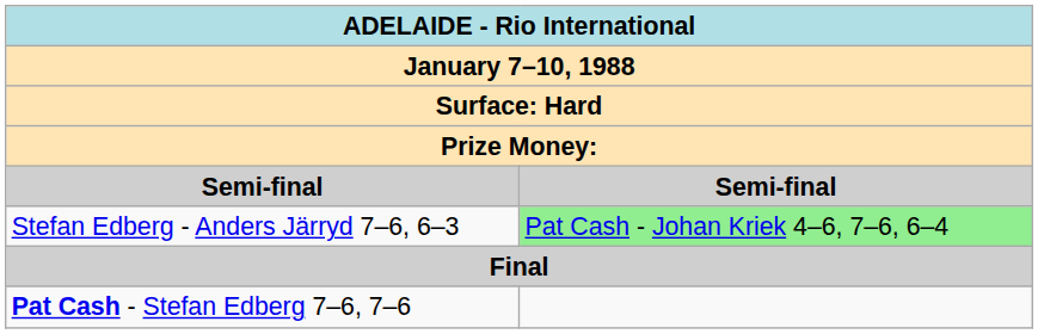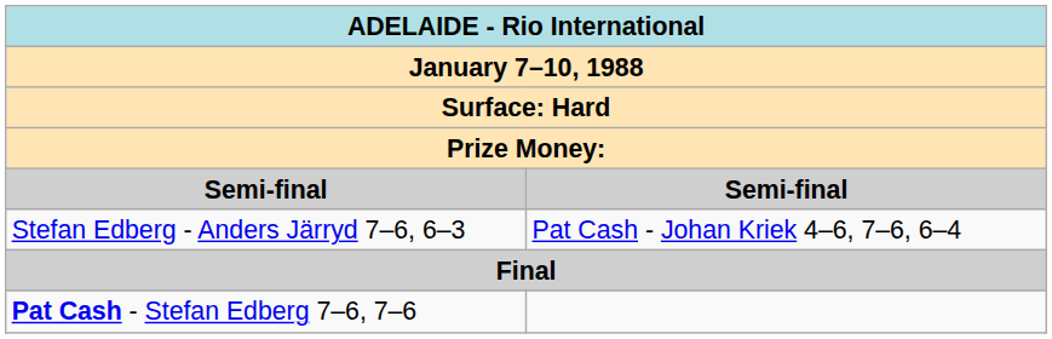 <table class="wikitable" style="font-size:95%;">
 <tr>
 <th colspan="2" style="background:#B0E0E6" width="300">ADELAIDE - Rio International</th>
 </tr>
 <tr>
 <th colspan="2" style="background:#FFE5B4" width="300">January 7–10, 1988</th>
 </tr>
 <tr>
 <th colspan="2" style="background:#FFE5B4" width="300">Surface: Hard</th>
 </tr>
 <tr>
 <th colspan="2" style="background:#FFE5B4" width="300">Prize Money:</th>
 </tr>
 <tr>
 <th colspan="1" style="background:#cfcfcf" width="300">Semi-final</th>
 <th colspan="1" style="background:#cfcfcf" width="300">Semi-final</th>
 </tr>
 <tr>
 <td><a href='#'>Stefan Edberg</a> - <a href='#'>Anders Järryd</a> 7–6, 6–3</td>
-<td style="background: lightgreen;"><a href='#'>Pat Cash</a> - <a href='#'>Johan Kriek</a> 4–6, 7–6, 6–4</td>
+<td><a href='#'>Pat Cash</a> - <a href='#'>Johan Kriek</a> 4–6, 7–6, 6–4</td>
 </tr>
 <tr>
 <th colspan="2" style="background:#cfcfcf" width="300">Final</th>
 </tr>
 <tr>
 <td><strong><a href='#'>Pat Cash</a></strong> - <a href='#'>Stefan Edberg</a> 7–6, 7–6</td>
 </tr>
 </table>
